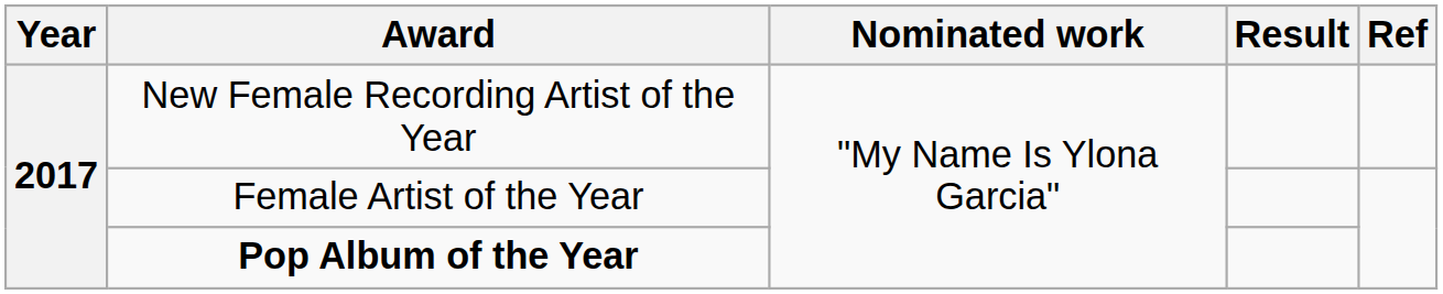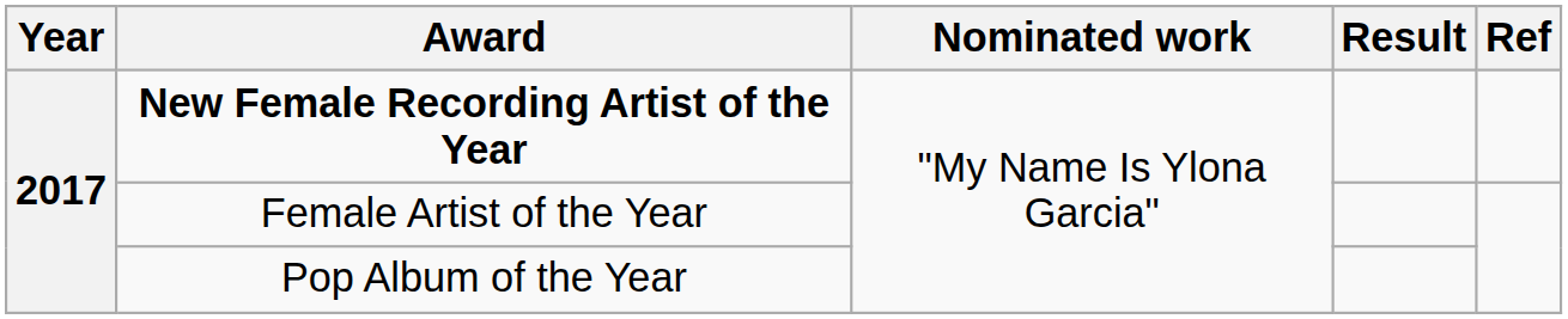 <table class="wikitable sortable" style=text-align:center>
 <tr>
 <th>Year</th>
 <th>Award</th>
 <th>Nominated work</th>
 <th>Result</th>
 <th>Ref</th>
 </tr>
 <tr>
 <th rowspan="3">2017</th>
-<td>New Female Recording Artist of the Year</td>
+<td><strong>New Female Recording Artist of the Year</strong></td>
 <td align=center rowspan="3">"My Name Is Ylona Garcia"</td>
 <td></td>
 <td></td>
 </tr>
 <tr>
 <td>Female Artist of the Year</td>
 <td></td>
 <td rowspan="2"></td>
 </tr>
 <tr>
-<td><strong>Pop Album of the Year</strong></td>
+<td>Pop Album of the Year</td>
 <td></td>
 </tr>
 </table>
